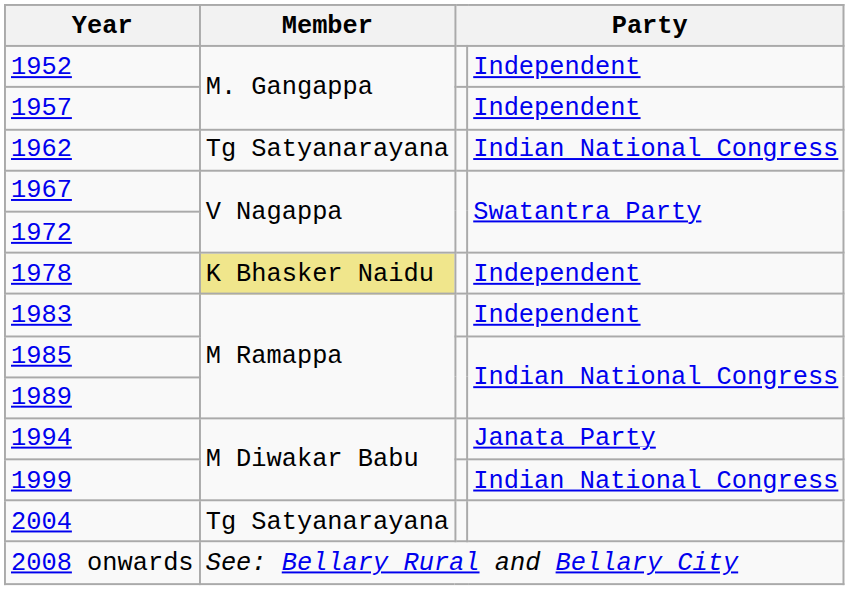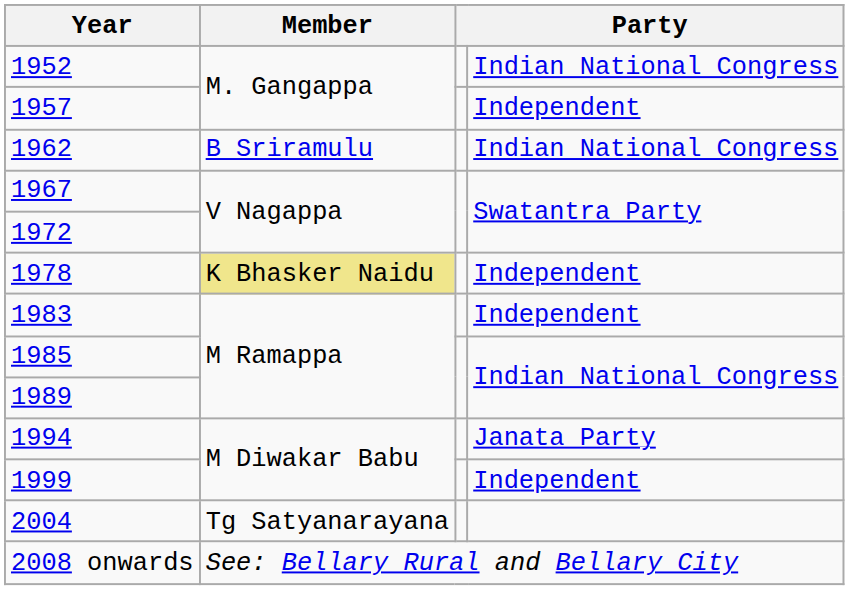 <table class="wikitable sortable">
 <tr>
 <th>Year</th>
 <th>Member</th>
 <th colspan="2">Party</th>
 </tr>
 <tr>
 <td><a href='#'>1952</a></td>
 <td rowspan=2>M. Gangappa</td>
 <td style="background-color: "></td>
-<td><a href='#'>Independent</a></td>
+<td><a href='#'>Indian National Congress</a></td>
 </tr>
 <tr>
 <td><a href='#'>1957</a></td>
 <td style="background-color: "></td>
 <td><a href='#'>Independent</a></td>
 </tr>
 <tr>
 <td><a href='#'>1962</a></td>
-<td>Tg Satyanarayana</td>
+<td><a href='#'>B Sriramulu</a></td>
 <td style="background-color: "></td>
 <td><a href='#'>Indian National Congress</a></td>
 </tr>
 <tr>
 <td><a href='#'>1967</a></td>
 <td rowspan=2>V Nagappa</td>
 <td rowspan="2" style="background-color: "></td>
 <td rowspan="2"><a href='#'>Swatantra Party</a></td>
 </tr>
 <tr>
 <td><a href='#'>1972</a></td>
 </tr>
 <tr>
 <td><a href='#'>1978</a></td>
 <td style="background: khaki;">K Bhasker Naidu</td>
 <td style="background-color: "></td>
 <td><a href='#'>Independent</a></td>
 </tr>
 <tr>
 <td><a href='#'>1983</a></td>
 <td rowspan=3>M Ramappa</td>
 <td style="background-color: "></td>
 <td><a href='#'>Independent</a></td>
 </tr>
 <tr>
 <td><a href='#'>1985</a></td>
 <td rowspan="2" style="background-color: "></td>
 <td rowspan="2"><a href='#'>Indian National Congress</a></td>
 </tr>
 <tr>
 <td><a href='#'>1989</a></td>
 </tr>
 <tr>
 <td><a href='#'>1994</a></td>
 <td rowspan=2>M Diwakar Babu</td>
 <td style="background-color: "></td>
 <td><a href='#'>Janata Party</a></td>
 </tr>
 <tr>
 <td><a href='#'>1999</a></td>
 <td style="background-color: "></td>
-<td><a href='#'>Indian National Congress</a></td>
+<td><a href='#'>Independent</a></td>
 </tr>
 <tr>
 <td><a href='#'>2004</a></td>
 <td>Tg Satyanarayana</td>
 <td></td>
 </tr>
 <tr>
 <td><a href='#'>2008</a> onwards</td>
 <td colspan="3"><em>See: <a href='#'>Bellary Rural</a> and <a href='#'>Bellary City</a></em></td>
 </tr>
 </table>
